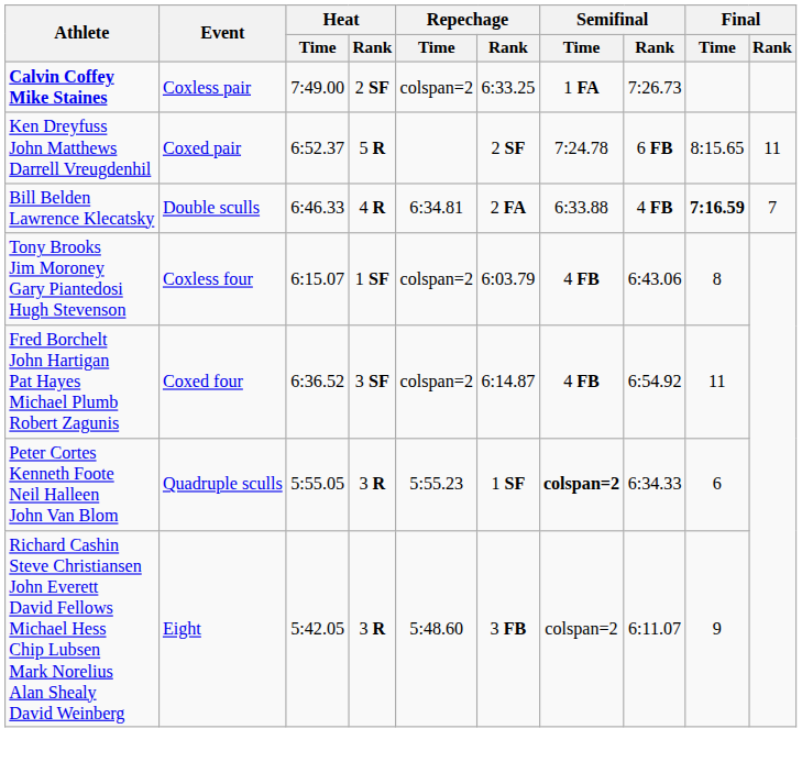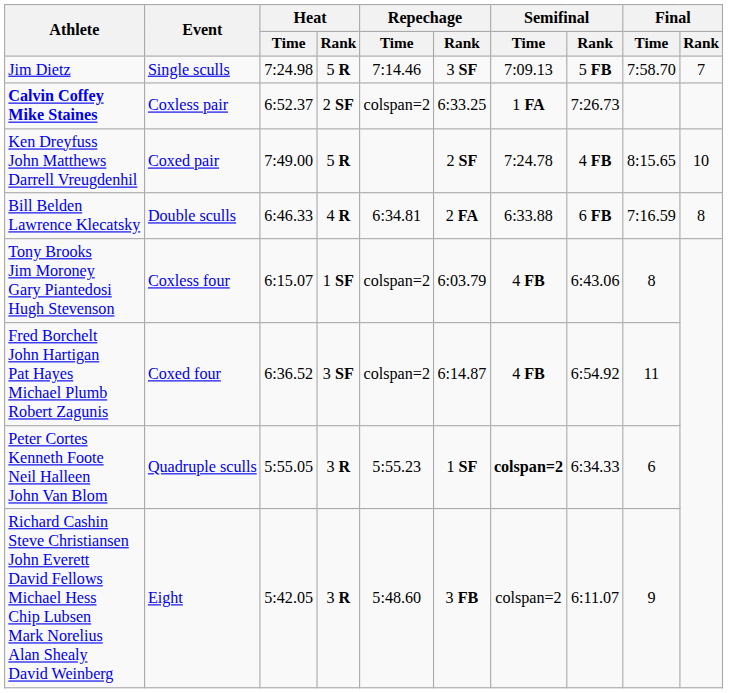 <table class=wikitable style=font-size:90%;text-align:center>
 <tr>
 <th rowspan=2>Athlete</th>
 <th rowspan=2>Event</th>
 <th colspan=2>Heat</th>
 <th colspan=2>Repechage</th>
 <th colspan=2>Semifinal</th>
 <th colspan=2>Final</th>
 </tr>
 <tr style=font-size:95%>
 <th>Time</th>
 <th>Rank</th>
 <th>Time</th>
 <th>Rank</th>
 <th>Time</th>
 <th>Rank</th>
 <th>Time</th>
 <th>Rank</th>
 </tr>
 <tr>
+<td align=left><a href='#'>Jim Dietz</a></td>
+<td align=left><a href='#'>Single sculls</a></td>
+<td>7:24.98</td>
+<td>5 <strong>R</strong></td>
+<td>7:14.46</td>
+<td>3 <strong>SF</strong></td>
+<td>7:09.13</td>
+<td>5 <strong>FB</strong></td>
+<td>7:58.70</td>
+<td>7</td>
+</tr>
+<tr>
 <td align=left><strong><a href='#'>Calvin Coffey</a><br><a href='#'>Mike Staines</a></strong></td>
 <td align=left><a href='#'>Coxless pair</a></td>
-<td>7:49.00</td>
+<td>6:52.37</td>
 <td>2 <strong>SF</strong></td>
 <td>colspan=2 </td>
 <td>6:33.25</td>
 <td>1 <strong>FA</strong></td>
 <td>7:26.73</td>
 <td></td>
 </tr>
 <tr>
 <td align=left><a href='#'>Ken Dreyfuss</a><br><a href='#'>John Matthews</a><br><a href='#'>Darrell Vreugdenhil</a></td>
 <td align=left><a href='#'>Coxed pair</a></td>
-<td>6:52.37</td>
+<td>7:49.00</td>
 <td>5 <strong>R</strong></td>
 <td></td>
 <td>2 <strong>SF</strong></td>
 <td>7:24.78</td>
-<td>6 <strong>FB</strong></td>
+<td>4 <strong>FB</strong></td>
 <td>8:15.65</td>
-<td>11</td>
+<td>10</td>
 </tr>
 <tr>
 <td align=left><a href='#'>Bill Belden</a><br><a href='#'>Lawrence Klecatsky</a></td>
 <td align=left><a href='#'>Double sculls</a></td>
 <td>6:46.33</td>
 <td>4 <strong>R</strong></td>
 <td>6:34.81</td>
 <td>2 <strong>FA</strong></td>
 <td>6:33.88</td>
-<td>4 <strong>FB</strong></td>
-<td><strong>7:16.59</strong></td>
-<td>7</td>
+<td>6 <strong>FB</strong></td>
+<td>7:16.59</td>
+<td>8</td>
 </tr>
 <tr>
 <td align=left><a href='#'>Tony Brooks</a><br><a href='#'>Jim Moroney</a><br><a href='#'>Gary Piantedosi</a><br><a href='#'>Hugh Stevenson</a></td>
 <td align=left><a href='#'>Coxless four</a></td>
 <td>6:15.07</td>
 <td>1 <strong>SF</strong></td>
 <td>colspan=2 </td>
 <td>6:03.79</td>
 <td>4 <strong>FB</strong></td>
 <td>6:43.06</td>
 <td>8</td>
 </tr>
 <tr>
 <td align=left><a href='#'>Fred Borchelt</a><br><a href='#'>John Hartigan</a><br><a href='#'>Pat Hayes</a><br><a href='#'>Michael Plumb</a><br><a href='#'>Robert Zagunis</a></td>
 <td align=left><a href='#'>Coxed four</a></td>
 <td>6:36.52</td>
 <td>3 <strong>SF</strong></td>
 <td>colspan=2 </td>
 <td>6:14.87</td>
 <td>4 <strong>FB</strong></td>
 <td>6:54.92</td>
 <td>11</td>
 </tr>
 <tr>
 <td align=left><a href='#'>Peter Cortes</a><br><a href='#'>Kenneth Foote</a><br><a href='#'>Neil Halleen</a><br><a href='#'>John Van Blom</a></td>
 <td align=left><a href='#'>Quadruple sculls</a></td>
 <td>5:55.05</td>
 <td>3 <strong>R</strong></td>
 <td>5:55.23</td>
 <td>1 <strong>SF</strong></td>
 <td><strong>colspan=2 </strong></td>
 <td>6:34.33</td>
 <td>6</td>
 </tr>
 <tr>
 <td align=left><a href='#'>Richard Cashin</a><br><a href='#'>Steve Christiansen</a><br><a href='#'>John Everett</a><br><a href='#'>David Fellows</a><br><a href='#'>Michael Hess</a><br><a href='#'>Chip Lubsen</a><br><a href='#'>Mark Norelius</a><br><a href='#'>Alan Shealy</a><br><a href='#'>David Weinberg</a></td>
 <td align=left><a href='#'>Eight</a></td>
 <td>5:42.05</td>
 <td>3 <strong>R</strong></td>
 <td>5:48.60</td>
 <td>3 <strong>FB</strong></td>
 <td>colspan=2 </td>
 <td>6:11.07</td>
 <td>9</td>
 </tr>
 </table>
